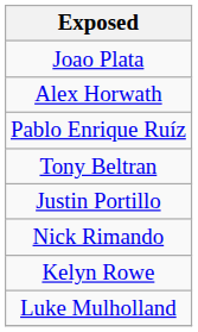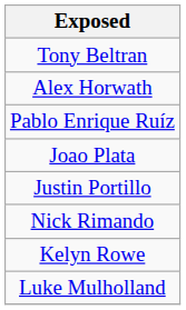 <table class="wikitable" style="text-align:center">
 <tr>
 <th>Exposed</th>
 </tr>
 <tr>
-<td><a href='#'>Joao Plata</a></td>
+<td><a href='#'>Tony Beltran</a></td>
 </tr>
 <tr>
 <td><a href='#'>Alex Horwath</a></td>
 </tr>
 <tr>
 <td><a href='#'>Pablo Enrique Ruíz</a></td>
 </tr>
 <tr>
-<td><a href='#'>Tony Beltran</a></td>
+<td><a href='#'>Joao Plata</a></td>
 </tr>
 <tr>
 <td><a href='#'>Justin Portillo</a></td>
 </tr>
 <tr>
 <td><a href='#'>Nick Rimando</a></td>
 </tr>
 <tr>
 <td><a href='#'>Kelyn Rowe</a></td>
 </tr>
 <tr>
 <td><a href='#'>Luke Mulholland</a></td>
 </tr>
 <tr>
 </tr>
 </table>
